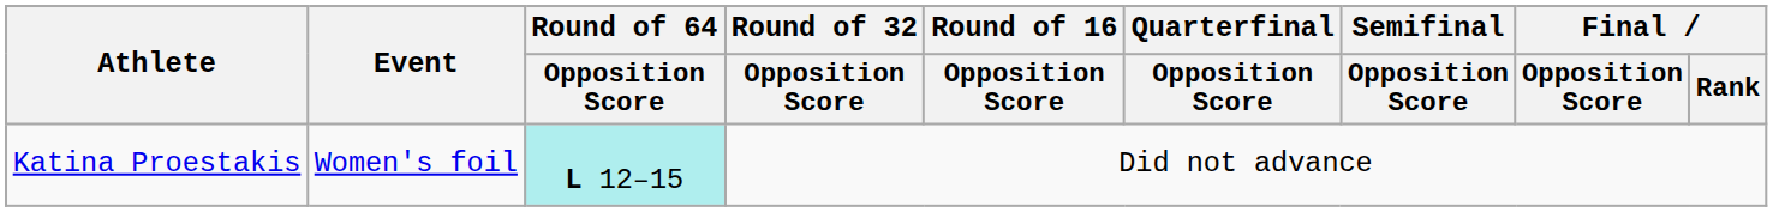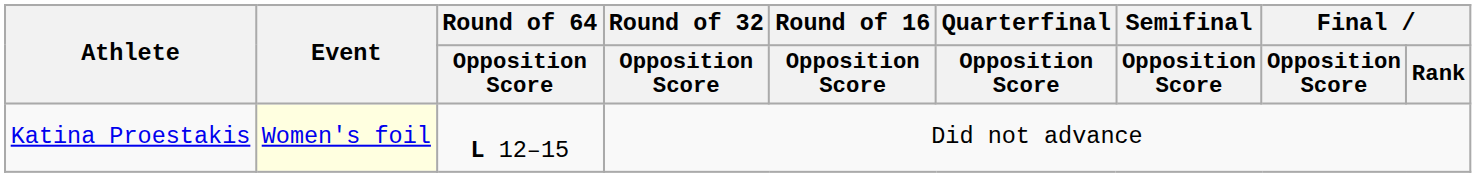 <table class="wikitable" style="font-size:90%">
 <tr>
 <th rowspan="2">Athlete</th>
 <th rowspan="2">Event</th>
 <th>Round of 64</th>
 <th>Round of 32</th>
 <th>Round of 16</th>
 <th>Quarterfinal</th>
 <th>Semifinal</th>
 <th colspan=2>Final / </th>
 </tr>
 <tr style="font-size:95%">
 <th>Opposition <br> Score</th>
 <th>Opposition <br> Score</th>
 <th>Opposition <br> Score</th>
 <th>Opposition <br> Score</th>
 <th>Opposition <br> Score</th>
 <th>Opposition <br> Score</th>
 <th>Rank</th>
 </tr>
 <tr align=center>
 <td align=left><a href='#'>Katina Proestakis</a></td>
-<td align=left><a href='#'>Women's foil</a></td>
-<td style="background: paleturquoise;"><br><strong>L</strong> 12–15</td>
+<td align=left style="background: lightyellow;"><a href='#'>Women's foil</a></td>
+<td><br><strong>L</strong> 12–15</td>
 <td colspan=6>Did not advance</td>
 </tr>
 </table>
